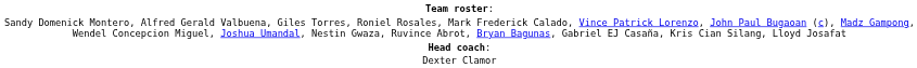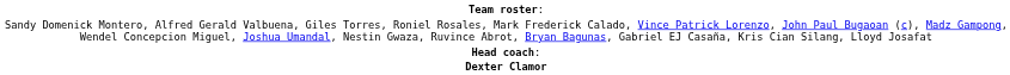 <table style="text-align:center; margin-top:2em; margin-left:auto; margin-right:auto">
 <tr>
 <td><strong>Team roster</strong>:</td>
 </tr>
 <tr>
 <td>Sandy Domenick Montero, Alfred Gerald Valbuena, Giles Torres, Roniel Rosales, Mark Frederick Calado, <a href='#'>Vince Patrick Lorenzo</a>, <a href='#'>John Paul Bugaoan</a> (<a href='#'>c</a>), <a href='#'>Madz Gampong</a>, Wendel Concepcion Miguel, <a href='#'>Joshua Umandal</a>, Nestin Gwaza, Ruvince Abrot, <a href='#'>Bryan Bagunas</a>, Gabriel EJ Casaña, Kris Cian Silang, Lloyd Josafat</td>
 </tr>
 <tr>
 <td><strong>Head coach</strong>:</td>
 </tr>
 <tr>
-<td>Dexter Clamor</td>
+<td><strong>Dexter Clamor</strong></td>
 </tr>
 </table>
